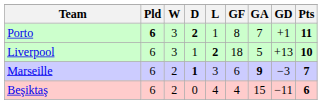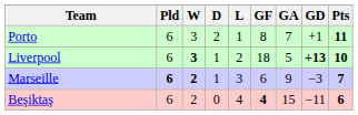 <table class="wikitable" style="text-align: center;">
 <tr>
 </tr>
 <tr>
 <th width="175">Team</th>
 <th width="20">Pld</th>
 <th width="20">W</th>
 <th width="20">D</th>
 <th width="20">L</th>
 <th width="20">GF</th>
 <th width="20">GA</th>
 <th width="20">GD</th>
 <th width="20">Pts</th>
 </tr>
 <tr bgcolor=#ccffcc>
 <td align=left> <a href='#'>Porto</a></td>
-<td><strong>6</strong></td>
+<td>6</td>
 <td>3</td>
-<td><strong>2</strong></td>
+<td>2</td>
 <td>1</td>
 <td>8</td>
 <td>7</td>
 <td>+1</td>
 <td><strong>11</strong></td>
 </tr>
 <tr bgcolor=#ccffcc>
 <td align=left> <a href='#'>Liverpool</a></td>
 <td>6</td>
-<td>3</td>
+<td><strong>3</strong></td>
 <td>1</td>
-<td><strong>2</strong></td>
+<td>2</td>
 <td>18</td>
 <td>5</td>
-<td>+13</td>
+<td><strong>+13</strong></td>
 <td><strong>10</strong></td>
 </tr>
 <tr bgcolor=#ccccff>
 <td align=left> <a href='#'>Marseille</a></td>
-<td>6</td>
-<td>2</td>
-<td><strong>1</strong></td>
+<td><strong>6</strong></td>
+<td><strong>2</strong></td>
+<td>1</td>
 <td>3</td>
 <td>6</td>
-<td><strong>9</strong></td>
+<td>9</td>
 <td>−3</td>
 <td><strong>7</strong></td>
 </tr>
 <tr bgcolor=#ffcccc>
 <td align=left> <a href='#'>Beşiktaş</a></td>
 <td>6</td>
 <td>2</td>
 <td>0</td>
 <td>4</td>
-<td>4</td>
+<td><strong>4</strong></td>
 <td>15</td>
 <td>−11</td>
 <td><strong>6</strong></td>
 </tr>
 </table>
